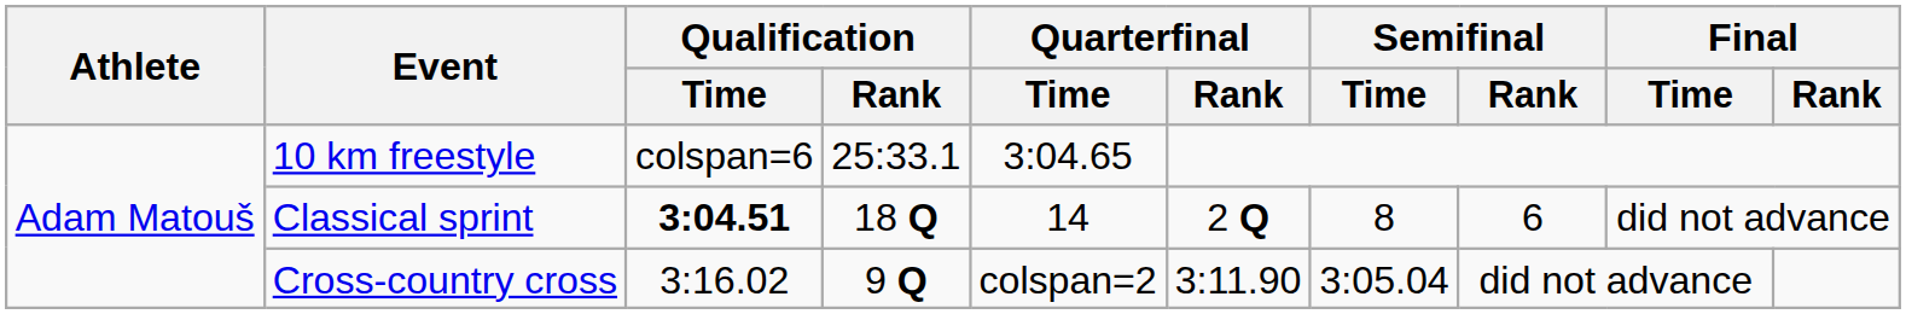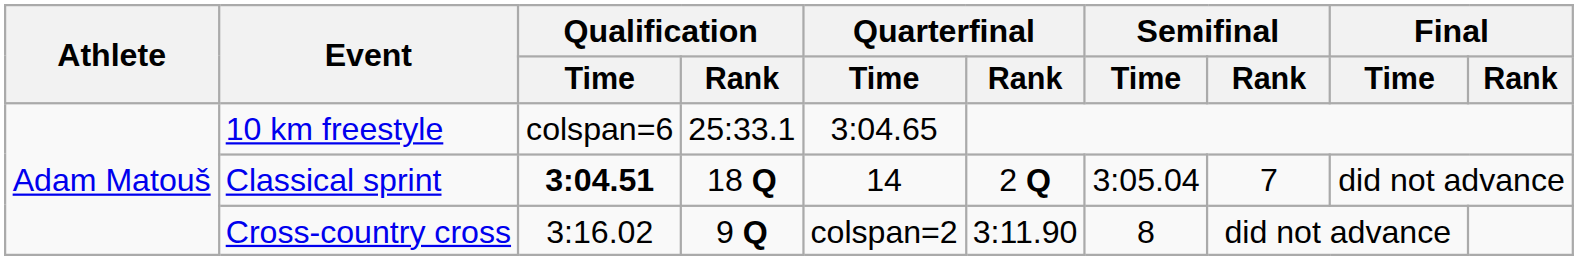 <table class="wikitable" style="font-size:90%">
 <tr>
 <th rowspan=2>Athlete</th>
 <th rowspan=2>Event</th>
 <th colspan=2>Qualification</th>
 <th colspan=2>Quarterfinal</th>
 <th colspan=2>Semifinal</th>
 <th colspan=2>Final</th>
 </tr>
 <tr style="font-size:95%">
 <th>Time</th>
 <th>Rank</th>
 <th>Time</th>
 <th>Rank</th>
 <th>Time</th>
 <th>Rank</th>
 <th>Time</th>
 <th>Rank</th>
 </tr>
 <tr align=center>
 <td align=left rowspan=3><a href='#'>Adam Matouš</a></td>
 <td align=left><a href='#'>10 km freestyle</a></td>
 <td>colspan=6 </td>
 <td>25:33.1</td>
 <td>3:04.65</td>
 </tr>
 <tr align=center>
 <td align=left><a href='#'>Classical sprint</a></td>
 <td><strong>3:04.51</strong></td>
 <td>18 <strong>Q</strong></td>
 <td>14</td>
 <td>2 <strong>Q</strong></td>
-<td>8</td>
-<td>6</td>
+<td>3:05.04</td>
+<td>7</td>
 <td colspan=2>did not advance</td>
 </tr>
 <tr align=center>
 <td align=left><a href='#'>Cross-country cross</a></td>
 <td>3:16.02</td>
 <td>9 <strong>Q</strong></td>
 <td>colspan=2 </td>
 <td>3:11.90</td>
-<td>3:05.04</td>
+<td>8</td>
 <td colspan=2>did not advance</td>
 </tr>
 </table>
